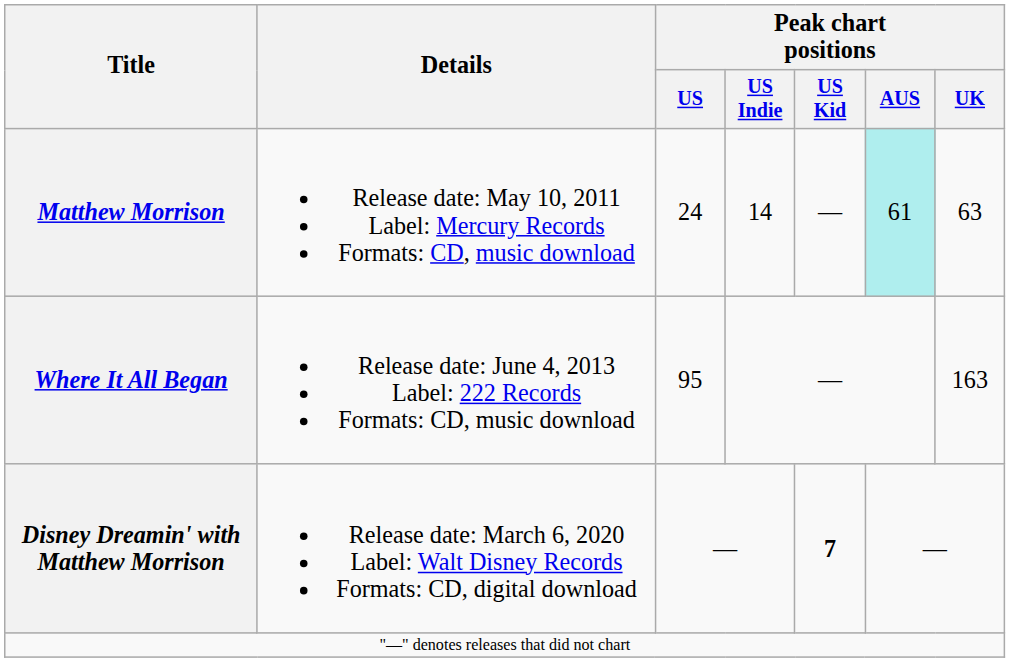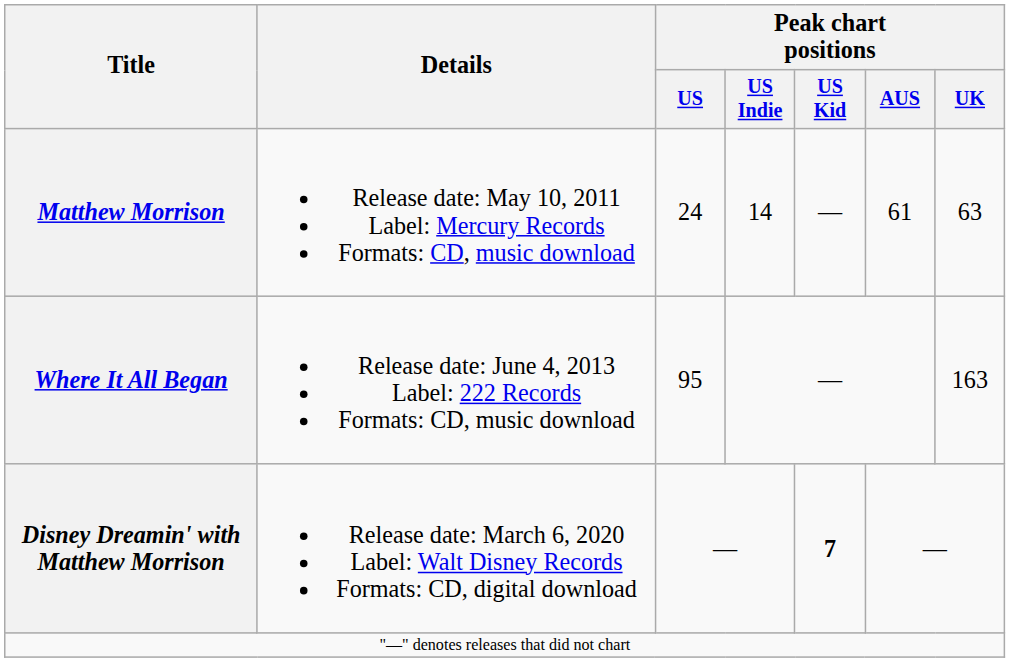 <table class="wikitable plainrowheaders" style="text-align:center;">
 <tr>
 <th rowspan="2" style="width:10em;">Title</th>
 <th rowspan="2" style="width:16em;">Details</th>
 <th colspan="5">Peak chart<br>positions</th>
 </tr>
 <tr style="font-size:smaller;">
 <th style="width:40px;"><a href='#'>US</a><br></th>
 <th style="width:40px;"><a href='#'>US<br>Indie</a><br></th>
 <th style="width:40px;"><a href='#'>US<br>Kid</a><br></th>
 <th style="width:40px;"><a href='#'>AUS</a><br></th>
 <th style="width:40px;"><a href='#'>UK</a><br></th>
 </tr>
 <tr>
 <th scope="row"><em><a href='#'>Matthew Morrison</a></em></th>
 <td><br><ul><li>Release date: May 10, 2011</li><li>Label: <a href='#'>Mercury Records</a></li><li>Formats: <a href='#'>CD</a>, <a href='#'>music download</a></li></ul></td>
 <td>24</td>
 <td>14</td>
 <td>—</td>
-<td style="background: paleturquoise;">61</td>
+<td>61</td>
 <td>63</td>
 </tr>
 <tr>
 <th scope="row"><em><a href='#'>Where It All Began</a></em></th>
 <td><br><ul><li>Release date: June 4, 2013</li><li>Label: <a href='#'>222 Records</a></li><li>Formats: CD, music download</li></ul></td>
 <td>95</td>
 <td colspan="3">—</td>
 <td>163</td>
 </tr>
 <tr>
 <th scope="row"><em>Disney Dreamin' with Matthew Morrison</em></th>
 <td><br><ul><li>Release date: March 6, 2020</li><li>Label: <a href='#'>Walt Disney Records</a></li><li>Formats: CD, digital download</li></ul></td>
 <td colspan="2">—</td>
 <td><strong>7</strong></td>
 <td colspan="2">—</td>
 </tr>
 <tr>
 <td colspan="7" style="font-size:8pt">"—" denotes releases that did not chart</td>
 </tr>
 </table>
